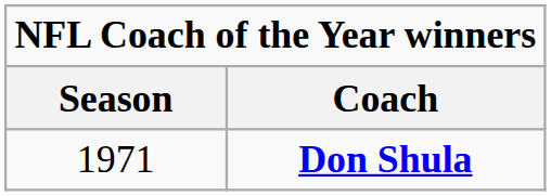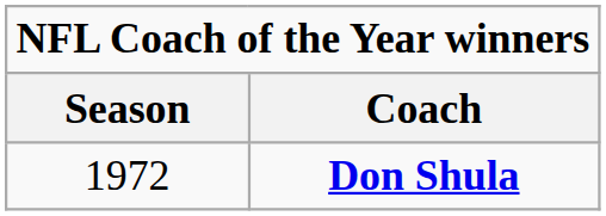 <table class="wikitable" style="text-align:center">
 <tr>
 <td colspan="2"><strong>NFL Coach of the Year winners</strong></td>
 </tr>
 <tr>
 <th>Season</th>
 <th>Coach</th>
 </tr>
 <tr>
-<td>1971</td>
+<td>1972</td>
 <td><strong><a href='#'>Don Shula</a></strong></td>
 </tr>
 </table>
